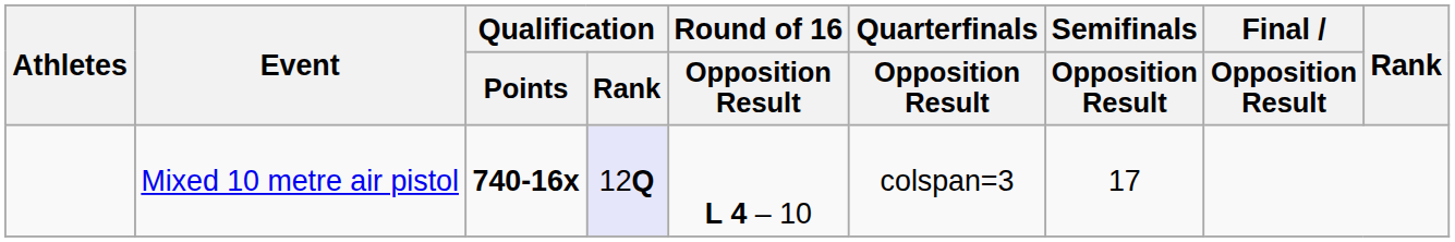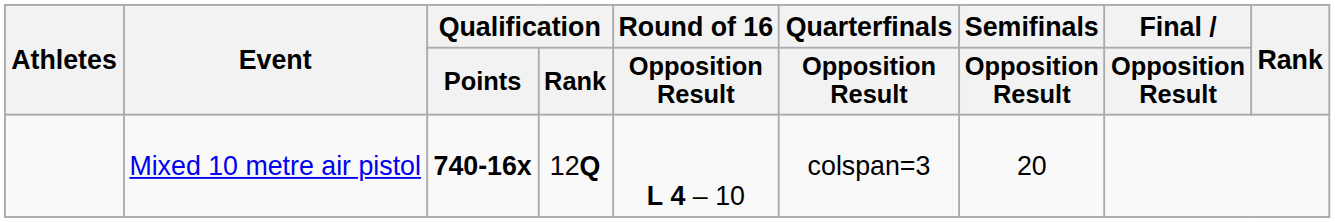 <table class="wikitable" style="font-size:90%;">
 <tr>
 <th rowspan=2>Athletes</th>
 <th rowspan=2>Event</th>
 <th colspan=2>Qualification</th>
 <th>Round of 16</th>
 <th>Quarterfinals</th>
 <th>Semifinals</th>
 <th>Final / </th>
 <th rowspan=2>Rank</th>
 </tr>
 <tr style="font-size:95%">
 <th>Points</th>
 <th>Rank</th>
 <th>Opposition<br>Result</th>
 <th>Opposition<br>Result</th>
 <th>Opposition<br>Result</th>
 <th>Opposition<br>Result</th>
 </tr>
 <tr align=center>
 <td align=left><br></td>
 <td><a href='#'>Mixed 10 metre air pistol</a></td>
 <td><strong>740-16x</strong></td>
-<td style="background: lavender;">12<strong>Q</strong></td>
+<td>12<strong>Q</strong></td>
 <td><br><br><strong>L</strong> <strong>4</strong> – 10</td>
 <td>colspan=3 </td>
-<td>17</td>
+<td>20</td>
 </tr>
 </table>
